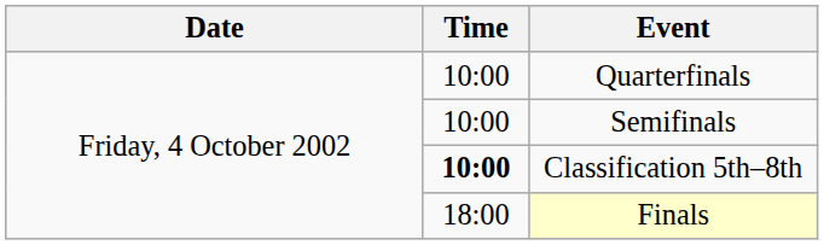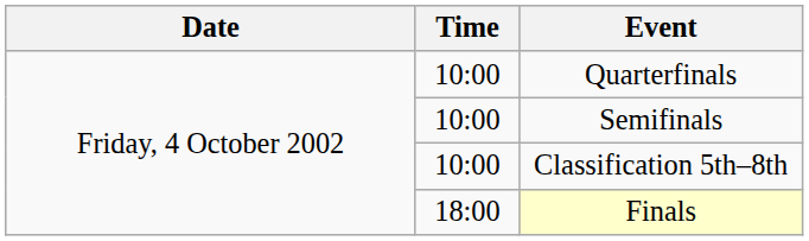 <table class = "wikitable" style="text-align:center;">
 <tr>
 <th width=220>Date</th>
 <th width=50>Time</th>
 <th width=150>Event</th>
 </tr>
 <tr>
 <td rowspan=4>Friday, 4 October 2002</td>
 <td>10:00</td>
 <td>Quarterfinals</td>
 </tr>
 <tr>
 <td>10:00</td>
 <td>Semifinals</td>
 </tr>
 <tr>
-<td><strong>10:00</strong></td>
+<td>10:00</td>
 <td>Classification 5th–8th</td>
 </tr>
 <tr>
 <td>18:00</td>
 <td bgcolor=ffffcc>Finals</td>
 </tr>
 </table>
